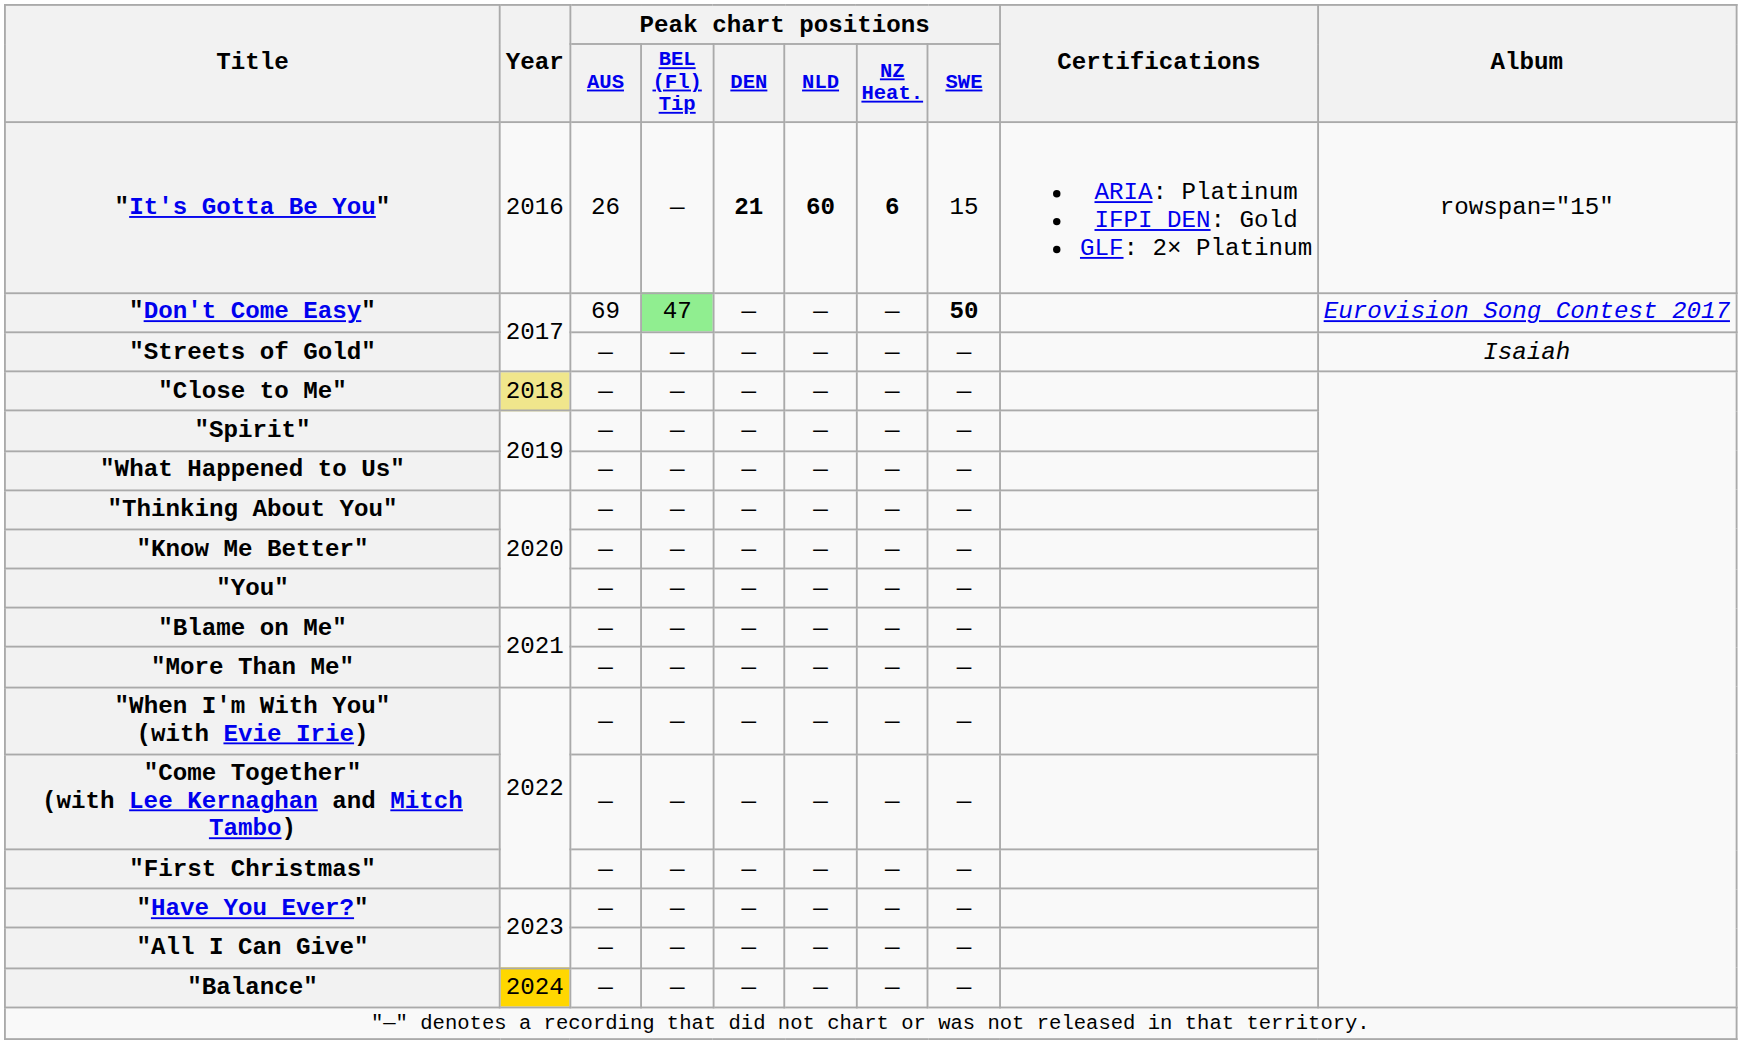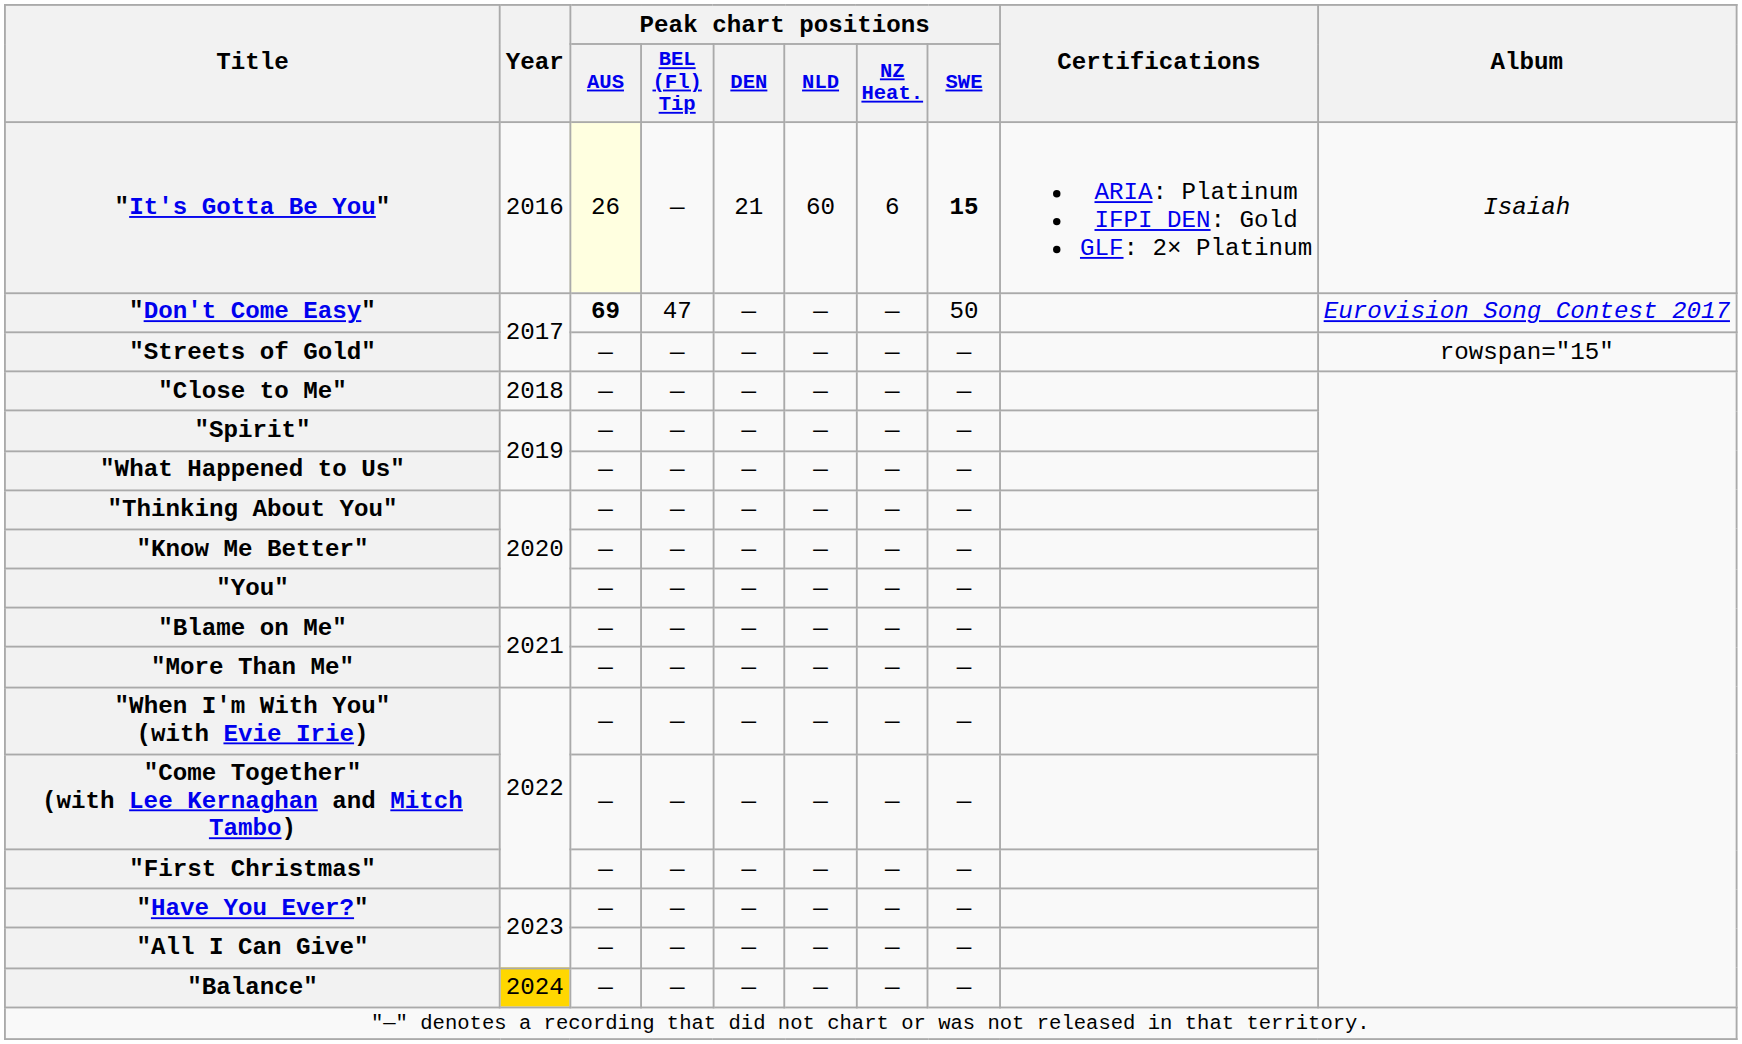 <table class="wikitable plainrowheaders" style="text-align:center;">
 <tr>
 <th scope="col" rowspan="2" style="width:20em;">Title</th>
 <th scope="col" rowspan="2" style="width:1em;">Year</th>
 <th scope="col" colspan="6">Peak chart positions</th>
 <th scope="col" rowspan="2">Certifications</th>
 <th scope="col" rowspan="2">Album</th>
 </tr>
 <tr>
 <th scope="col" style="width:3em;font-size:85%;"><a href='#'>AUS</a><br></th>
 <th scope="col" style="width:3em;font-size:85%;"><a href='#'>BEL<br>(Fl)<br>Tip</a><br></th>
 <th scope="col" style="width:3em;font-size:85%;"><a href='#'>DEN</a><br></th>
 <th scope="col" style="width:3em;font-size:85%;"><a href='#'>NLD</a><br></th>
 <th scope="col" style="width:3em;font-size:85%;"><a href='#'>NZ<br>Heat.</a><br></th>
 <th scope="col" style="width:3em;font-size:85%;"><a href='#'>SWE</a><br></th>
 </tr>
 <tr>
 <th scope="row">"<a href='#'>It's Gotta Be You</a>"</th>
 <td>2016</td>
-<td>26</td>
+<td style="background: lightyellow;">26</td>
 <td>—</td>
-<td><strong>21</strong></td>
-<td><strong>60</strong></td>
-<td><strong>6</strong></td>
-<td>15</td>
+<td>21</td>
+<td>60</td>
+<td>6</td>
+<td><strong>15</strong></td>
 <td><br><ul><li><a href='#'>ARIA</a>: Platinum</li><li><a href='#'>IFPI DEN</a>: Gold</li><li><a href='#'>GLF</a>: 2× Platinum</li></ul></td>
-<td>rowspan="15" </td>
+<td><em>Isaiah</em></td>
 </tr>
 <tr>
 <th scope="row">"<a href='#'>Don't Come Easy</a>"</th>
 <td rowspan="2">2017</td>
-<td>69</td>
-<td style="background: lightgreen;">47</td>
+<td><strong>69</strong></td>
+<td>47</td>
 <td>—</td>
 <td>—</td>
 <td>—</td>
-<td><strong>50</strong></td>
+<td>50</td>
 <td></td>
 <td><em><a href='#'>Eurovision Song Contest 2017</a></em></td>
 </tr>
 <tr>
 <th scope="row">"Streets of Gold"</th>
 <td>—</td>
 <td>—</td>
 <td>—</td>
 <td>—</td>
 <td>—</td>
 <td>—</td>
 <td></td>
-<td><em>Isaiah</em></td>
+<td>rowspan="15" </td>
 </tr>
 <tr>
 <th scope="row">"Close to Me"</th>
-<td style="background: khaki;">2018</td>
+<td>2018</td>
 <td>—</td>
 <td>—</td>
 <td>—</td>
 <td>—</td>
 <td>—</td>
 <td>—</td>
 <td></td>
 </tr>
 <tr>
 <th scope="row">"Spirit"</th>
 <td rowspan="2">2019</td>
 <td>—</td>
 <td>—</td>
 <td>—</td>
 <td>—</td>
 <td>—</td>
 <td>—</td>
 <td></td>
 </tr>
 <tr>
 <th scope="row">"What Happened to Us"</th>
 <td>—</td>
 <td>—</td>
 <td>—</td>
 <td>—</td>
 <td>—</td>
 <td>—</td>
 <td></td>
 </tr>
 <tr>
 <th scope="row">"Thinking About You"</th>
 <td rowspan="3">2020</td>
 <td>—</td>
 <td>—</td>
 <td>—</td>
 <td>—</td>
 <td>—</td>
 <td>—</td>
 <td></td>
 </tr>
 <tr>
 <th scope="row">"Know Me Better"</th>
 <td>—</td>
 <td>—</td>
 <td>—</td>
 <td>—</td>
 <td>—</td>
 <td>—</td>
 <td></td>
 </tr>
 <tr>
 <th scope="row">"You"</th>
 <td>—</td>
 <td>—</td>
 <td>—</td>
 <td>—</td>
 <td>—</td>
 <td>—</td>
 <td></td>
 </tr>
 <tr>
 <th scope="row">"Blame on Me"</th>
 <td rowspan="2">2021</td>
 <td>—</td>
 <td>—</td>
 <td>—</td>
 <td>—</td>
 <td>—</td>
 <td>—</td>
 <td></td>
 </tr>
 <tr>
 <th scope="row">"More Than Me"</th>
 <td>—</td>
 <td>—</td>
 <td>—</td>
 <td>—</td>
 <td>—</td>
 <td>—</td>
 <td></td>
 </tr>
 <tr>
 <th scope="row">"When I'm With You" <br>(with <a href='#'>Evie Irie</a>)</th>
 <td rowspan="3">2022</td>
 <td>—</td>
 <td>—</td>
 <td>—</td>
 <td>—</td>
 <td>—</td>
 <td>—</td>
 <td></td>
 </tr>
 <tr>
 <th scope="row">"Come Together" <br>(with <a href='#'>Lee Kernaghan</a> and <a href='#'>Mitch Tambo</a>)</th>
 <td>—</td>
 <td>—</td>
 <td>—</td>
 <td>—</td>
 <td>—</td>
 <td>—</td>
 <td></td>
 </tr>
 <tr>
 <th scope="row">"First Christmas"</th>
 <td>—</td>
 <td>—</td>
 <td>—</td>
 <td>—</td>
 <td>—</td>
 <td>—</td>
 <td></td>
 </tr>
 <tr>
 <th scope="row">"<a href='#'>Have You Ever?</a>"</th>
 <td rowspan="2">2023</td>
 <td>—</td>
 <td>—</td>
 <td>—</td>
 <td>—</td>
 <td>—</td>
 <td>—</td>
 <td></td>
 </tr>
 <tr>
 <th scope="row">"All I Can Give"</th>
 <td>—</td>
 <td>—</td>
 <td>—</td>
 <td>—</td>
 <td>—</td>
 <td>—</td>
 <td></td>
 </tr>
 <tr>
 <th scope="row">"Balance"</th>
 <td style="background: gold;">2024</td>
 <td>—</td>
 <td>—</td>
 <td>—</td>
 <td>—</td>
 <td>—</td>
 <td>—</td>
 <td></td>
 </tr>
 <tr>
 <td colspan="20" style="font-size:85%">"—" denotes a recording that did not chart or was not released in that territory.</td>
 </tr>
 </table>
